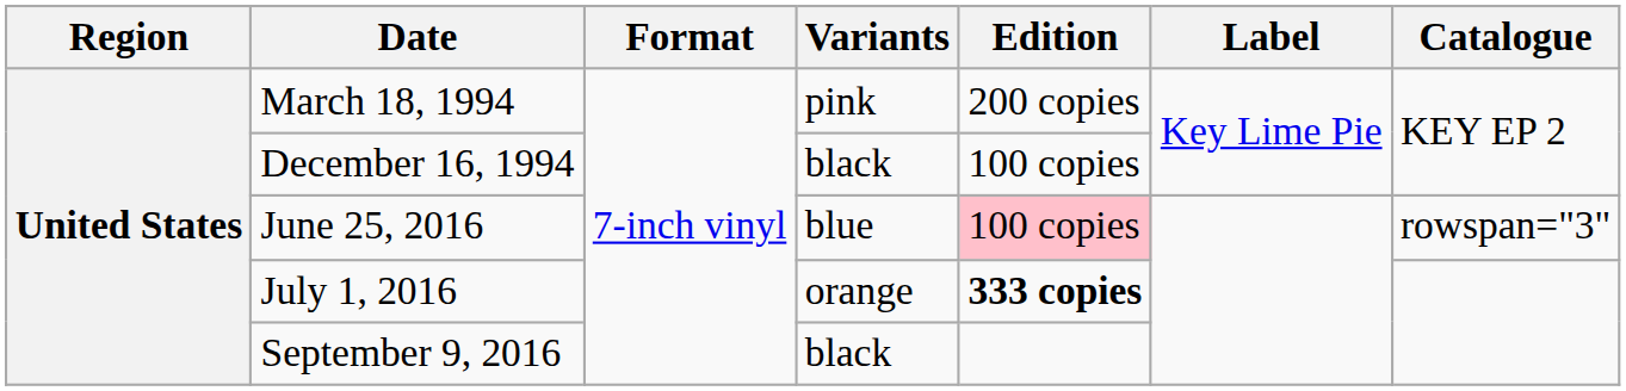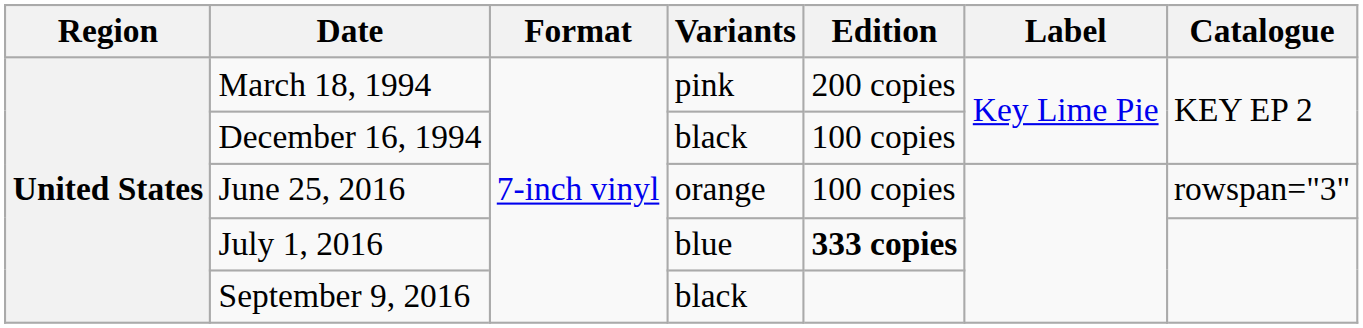 <table class="wikitable plainrowheaders">
 <tr>
 <th scope="col">Region</th>
 <th scope="col">Date</th>
 <th scope="col">Format</th>
 <th scope="col">Variants</th>
 <th scope="col">Edition</th>
 <th scope="col">Label</th>
 <th scope="col">Catalogue</th>
 </tr>
 <tr>
 <th rowspan="5" scope="row">United States</th>
 <td>March 18, 1994</td>
 <td rowspan="5"><a href='#'>7-inch vinyl</a></td>
 <td>pink</td>
 <td>200 copies</td>
 <td rowspan="2"><a href='#'>Key Lime Pie</a></td>
 <td rowspan="2">KEY EP 2</td>
 </tr>
 <tr>
 <td>December 16, 1994</td>
 <td>black</td>
 <td>100 copies</td>
 </tr>
 <tr>
 <td>June 25, 2016</td>
-<td>blue</td>
-<td style="background: pink;">100 copies</td>
+<td>orange</td>
+<td>100 copies</td>
 <td rowspan="3"></td>
 <td>rowspan="3" </td>
 </tr>
 <tr>
 <td>July 1, 2016</td>
-<td>orange</td>
+<td>blue</td>
 <td><strong>333 copies</strong></td>
 </tr>
 <tr>
 <td>September 9, 2016</td>
 <td>black</td>
 <td></td>
 </tr>
 </table>
